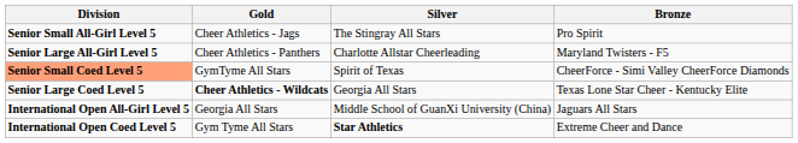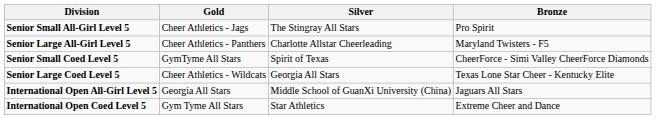 <table class="wikitable">
 <tr>
 <th><strong>Division</strong></th>
 <th><strong>Gold</strong></th>
 <th><strong>Silver</strong></th>
 <th><strong>Bronze</strong></th>
 </tr>
 <tr>
 <td><strong>Senior Small All-Girl Level 5</strong></td>
 <td>Cheer Athletics - Jags</td>
 <td>The Stingray All Stars</td>
 <td>Pro Spirit</td>
 </tr>
 <tr>
 <td><strong>Senior Large All-Girl Level 5</strong></td>
 <td>Cheer Athletics - Panthers</td>
 <td>Charlotte Allstar Cheerleading</td>
 <td>Maryland Twisters - F5</td>
 </tr>
 <tr>
-<td style="background: lightsalmon;"><strong>Senior Small Coed Level 5</strong></td>
+<td><strong>Senior Small Coed Level 5</strong></td>
 <td>GymTyme All Stars</td>
 <td>Spirit of Texas</td>
 <td>CheerForce - Simi Valley CheerForce Diamonds</td>
 </tr>
 <tr>
 <td><strong>Senior Large Coed Level 5</strong></td>
-<td><strong>Cheer Athletics - Wildcats</strong></td>
+<td>Cheer Athletics - Wildcats</td>
 <td>Georgia All Stars</td>
 <td>Texas Lone Star Cheer - Kentucky Elite</td>
 </tr>
 <tr>
 <td><strong>International Open All-Girl Level 5</strong></td>
 <td>Georgia All Stars</td>
 <td>Middle School of GuanXi University (China)</td>
 <td>Jaguars All Stars</td>
 </tr>
 <tr>
 <td><strong>International Open Coed Level 5</strong></td>
 <td>Gym Tyme All Stars</td>
-<td><strong>Star Athletics</strong></td>
+<td>Star Athletics</td>
 <td>Extreme Cheer and Dance</td>
 </tr>
 </table>
